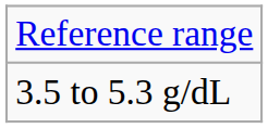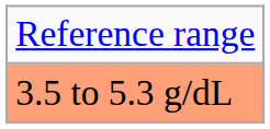 <table class="wikitable" align="right">
 <tr>
 <td><a href='#'>Reference range</a></td>
 </tr>
 <tr>
-<td>3.5 to 5.3 g/dL</td>
+<td style="background: lightsalmon;">3.5 to 5.3 g/dL</td>
 </tr>
 </table>
